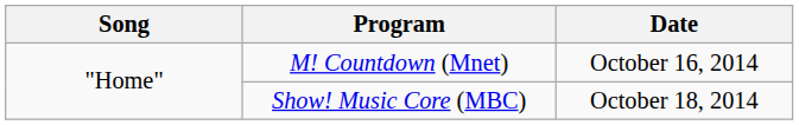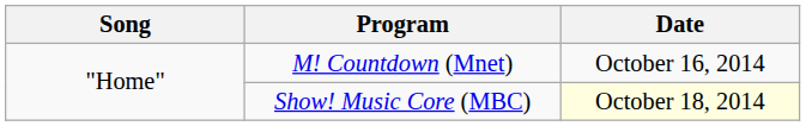 <table class="wikitable">
 <tr>
 <th style="width:150px;">Song</th>
 <th style="width:200px;">Program</th>
 <th style="width:150px;">Date</th>
 </tr>
 <tr>
 <td style="text-align:center;" rowspan="2">"Home"</td>
 <td style="text-align:center;"><em><a href='#'>M! Countdown</a></em> (<a href='#'>Mnet</a>)</td>
 <td style="text-align:center;">October 16, 2014</td>
 </tr>
 <tr>
 <td style="text-align:center;"><em><a href='#'>Show! Music Core</a></em> (<a href='#'>MBC</a>)</td>
-<td style="text-align:center;">October 18, 2014</td>
+<td style="background: lightyellow; text-align:center;">October 18, 2014</td>
 </tr>
 </table>
